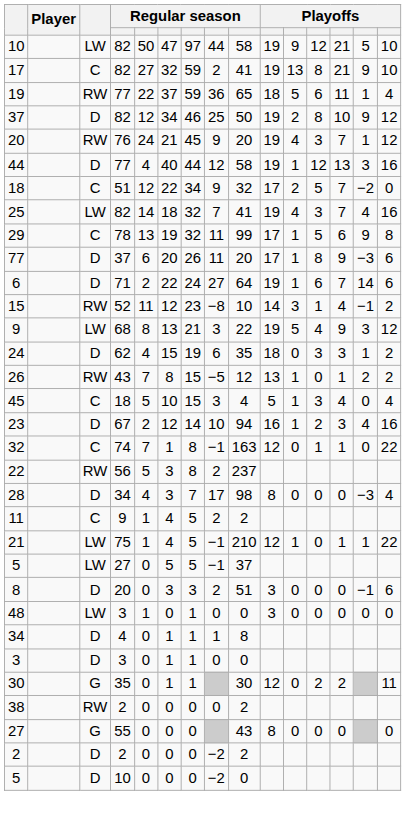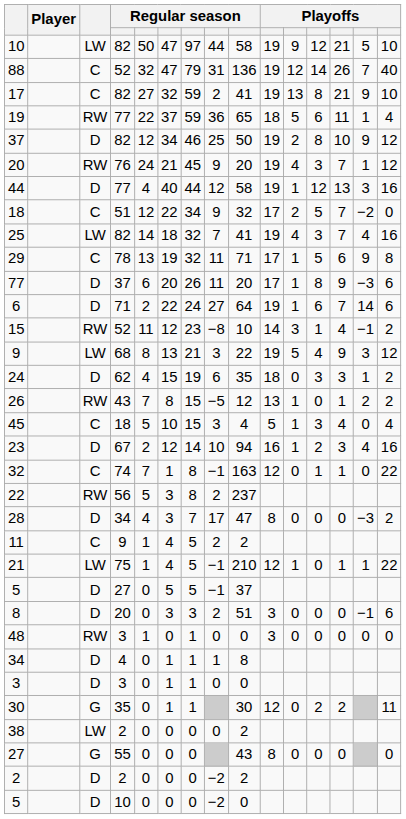 <table class="wikitable sortable plainrowheaders" style="text-align:center;">
 <tr>
 <th scope="col" data-sort-type="number" rowspan="2"></th>
 <th scope="col" rowspan="2">Player</th>
 <th scope="col" rowspan="2"></th>
 <th scope=colgroup colspan=6>Regular season</th>
 <th scope=colgroup colspan=6>Playoffs</th>
 </tr>
 <tr>
 <th scope="col" data-sort-type="number"></th>
 <th scope="col" data-sort-type="number"></th>
 <th scope="col" data-sort-type="number"></th>
 <th scope="col" data-sort-type="number"></th>
 <th scope="col" data-sort-type="number"></th>
 <th scope="col" data-sort-type="number"></th>
 <th scope="col" data-sort-type="number"></th>
 <th scope="col" data-sort-type="number"></th>
 <th scope="col" data-sort-type="number"></th>
 <th scope="col" data-sort-type="number"></th>
 <th scope="col" data-sort-type="number"></th>
 <th scope="col" data-sort-type="number"></th>
 </tr>
 <tr>
 <td scope="row">10</td>
 <td align="left"></td>
 <td>LW</td>
 <td>82</td>
 <td>50</td>
 <td>47</td>
 <td>97</td>
 <td>44</td>
 <td>58</td>
 <td>19</td>
 <td>9</td>
 <td>12</td>
 <td>21</td>
 <td>5</td>
 <td>10</td>
+</tr>
+<tr>
+<td scope="row">88</td>
+<td align="left"></td>
+<td>C</td>
+<td>52</td>
+<td>32</td>
+<td>47</td>
+<td>79</td>
+<td>31</td>
+<td>136</td>
+<td>19</td>
+<td>12</td>
+<td>14</td>
+<td>26</td>
+<td>7</td>
+<td>40</td>
 </tr>
 <tr>
 <td scope="row">17</td>
 <td align="left"></td>
 <td>C</td>
 <td>82</td>
 <td>27</td>
 <td>32</td>
 <td>59</td>
 <td>2</td>
 <td>41</td>
 <td>19</td>
 <td>13</td>
 <td>8</td>
 <td>21</td>
 <td>9</td>
 <td>10</td>
 </tr>
 <tr>
 <td scope="row">19</td>
 <td align="left"></td>
 <td>RW</td>
 <td>77</td>
 <td>22</td>
 <td>37</td>
 <td>59</td>
 <td>36</td>
 <td>65</td>
 <td>18</td>
 <td>5</td>
 <td>6</td>
 <td>11</td>
 <td>1</td>
 <td>4</td>
 </tr>
 <tr>
 <td scope="row">37</td>
 <td align="left"></td>
 <td>D</td>
 <td>82</td>
 <td>12</td>
 <td>34</td>
 <td>46</td>
 <td>25</td>
 <td>50</td>
 <td>19</td>
 <td>2</td>
 <td>8</td>
 <td>10</td>
 <td>9</td>
 <td>12</td>
 </tr>
 <tr>
 <td scope="row">20</td>
 <td align="left"></td>
 <td>RW</td>
 <td>76</td>
 <td>24</td>
 <td>21</td>
 <td>45</td>
 <td>9</td>
 <td>20</td>
 <td>19</td>
 <td>4</td>
 <td>3</td>
 <td>7</td>
 <td>1</td>
 <td>12</td>
 </tr>
 <tr>
 <td scope="row">44</td>
 <td align="left"></td>
 <td>D</td>
 <td>77</td>
 <td>4</td>
 <td>40</td>
 <td>44</td>
 <td>12</td>
 <td>58</td>
 <td>19</td>
 <td>1</td>
 <td>12</td>
 <td>13</td>
 <td>3</td>
 <td>16</td>
 </tr>
 <tr>
 <td scope="row">18</td>
 <td align="left"></td>
 <td>C</td>
 <td>51</td>
 <td>12</td>
 <td>22</td>
 <td>34</td>
 <td>9</td>
 <td>32</td>
 <td>17</td>
 <td>2</td>
 <td>5</td>
 <td>7</td>
 <td>−2</td>
 <td>0</td>
 </tr>
 <tr>
 <td scope="row">25</td>
 <td align="left"></td>
 <td>LW</td>
 <td>82</td>
 <td>14</td>
 <td>18</td>
 <td>32</td>
 <td>7</td>
 <td>41</td>
 <td>19</td>
 <td>4</td>
 <td>3</td>
 <td>7</td>
 <td>4</td>
 <td>16</td>
 </tr>
 <tr>
 <td scope="row">29</td>
 <td align="left"></td>
 <td>C</td>
 <td>78</td>
 <td>13</td>
 <td>19</td>
 <td>32</td>
 <td>11</td>
-<td>99</td>
+<td>71</td>
 <td>17</td>
 <td>1</td>
 <td>5</td>
 <td>6</td>
 <td>9</td>
 <td>8</td>
 </tr>
 <tr>
 <td scope="row">77</td>
 <td align="left"></td>
 <td>D</td>
 <td>37</td>
 <td>6</td>
 <td>20</td>
 <td>26</td>
 <td>11</td>
 <td>20</td>
 <td>17</td>
 <td>1</td>
 <td>8</td>
 <td>9</td>
 <td>−3</td>
 <td>6</td>
 </tr>
 <tr>
 <td scope="row">6</td>
 <td align="left"></td>
 <td>D</td>
 <td>71</td>
 <td>2</td>
 <td>22</td>
 <td>24</td>
 <td>27</td>
 <td>64</td>
 <td>19</td>
 <td>1</td>
 <td>6</td>
 <td>7</td>
 <td>14</td>
 <td>6</td>
 </tr>
 <tr>
 <td scope="row">15</td>
 <td align="left"></td>
 <td>RW</td>
 <td>52</td>
 <td>11</td>
 <td>12</td>
 <td>23</td>
 <td>−8</td>
 <td>10</td>
 <td>14</td>
 <td>3</td>
 <td>1</td>
 <td>4</td>
 <td>−1</td>
 <td>2</td>
 </tr>
 <tr>
 <td scope="row">9</td>
 <td align="left"></td>
 <td>LW</td>
 <td>68</td>
 <td>8</td>
 <td>13</td>
 <td>21</td>
 <td>3</td>
 <td>22</td>
 <td>19</td>
 <td>5</td>
 <td>4</td>
 <td>9</td>
 <td>3</td>
 <td>12</td>
 </tr>
 <tr>
 <td scope="row">24</td>
 <td align="left"></td>
 <td>D</td>
 <td>62</td>
 <td>4</td>
 <td>15</td>
 <td>19</td>
 <td>6</td>
 <td>35</td>
 <td>18</td>
 <td>0</td>
 <td>3</td>
 <td>3</td>
 <td>1</td>
 <td>2</td>
 </tr>
 <tr>
 <td scope="row">26</td>
 <td align="left"></td>
 <td>RW</td>
 <td>43</td>
 <td>7</td>
 <td>8</td>
 <td>15</td>
 <td>−5</td>
 <td>12</td>
 <td>13</td>
 <td>1</td>
 <td>0</td>
 <td>1</td>
 <td>2</td>
 <td>2</td>
 </tr>
 <tr>
 <td scope="row">45</td>
 <td align="left"></td>
 <td>C</td>
 <td>18</td>
 <td>5</td>
 <td>10</td>
 <td>15</td>
 <td>3</td>
 <td>4</td>
 <td>5</td>
 <td>1</td>
 <td>3</td>
 <td>4</td>
 <td>0</td>
 <td>4</td>
 </tr>
 <tr>
 <td scope="row">23</td>
 <td align="left"></td>
 <td>D</td>
 <td>67</td>
 <td>2</td>
 <td>12</td>
 <td>14</td>
 <td>10</td>
 <td>94</td>
 <td>16</td>
 <td>1</td>
 <td>2</td>
 <td>3</td>
 <td>4</td>
 <td>16</td>
 </tr>
 <tr>
 <td scope="row">32</td>
 <td align="left"></td>
 <td>C</td>
 <td>74</td>
 <td>7</td>
 <td>1</td>
 <td>8</td>
 <td>−1</td>
 <td>163</td>
 <td>12</td>
 <td>0</td>
 <td>1</td>
 <td>1</td>
 <td>0</td>
 <td>22</td>
 </tr>
 <tr>
 <td scope="row">22</td>
 <td align="left"></td>
 <td>RW</td>
 <td>56</td>
 <td>5</td>
 <td>3</td>
 <td>8</td>
 <td>2</td>
 <td>237</td>
 <td></td>
 <td></td>
 <td></td>
 <td></td>
 <td></td>
 <td></td>
 </tr>
 <tr>
 <td scope="row">28</td>
 <td align="left"></td>
 <td>D</td>
 <td>34</td>
 <td>4</td>
 <td>3</td>
 <td>7</td>
 <td>17</td>
-<td>98</td>
+<td>47</td>
 <td>8</td>
 <td>0</td>
 <td>0</td>
 <td>0</td>
 <td>−3</td>
-<td>4</td>
+<td>2</td>
 </tr>
 <tr>
 <td scope="row">11</td>
 <td align="left"></td>
 <td>C</td>
 <td>9</td>
 <td>1</td>
 <td>4</td>
 <td>5</td>
 <td>2</td>
 <td>2</td>
 <td></td>
 <td></td>
 <td></td>
 <td></td>
 <td></td>
 <td></td>
 </tr>
 <tr>
 <td scope="row">21</td>
 <td align="left"></td>
 <td>LW</td>
 <td>75</td>
 <td>1</td>
 <td>4</td>
 <td>5</td>
 <td>−1</td>
 <td>210</td>
 <td>12</td>
 <td>1</td>
 <td>0</td>
 <td>1</td>
 <td>1</td>
 <td>22</td>
 </tr>
 <tr>
 <td scope="row">5</td>
 <td align="left"></td>
-<td>LW</td>
+<td>D</td>
 <td>27</td>
 <td>0</td>
 <td>5</td>
 <td>5</td>
 <td>−1</td>
 <td>37</td>
 <td></td>
 <td></td>
 <td></td>
 <td></td>
 <td></td>
 <td></td>
 </tr>
 <tr>
 <td scope="row">8</td>
 <td align="left"></td>
 <td>D</td>
 <td>20</td>
 <td>0</td>
 <td>3</td>
 <td>3</td>
 <td>2</td>
 <td>51</td>
 <td>3</td>
 <td>0</td>
 <td>0</td>
 <td>0</td>
 <td>−1</td>
 <td>6</td>
 </tr>
 <tr>
 <td scope="row">48</td>
 <td align="left"></td>
-<td>LW</td>
+<td>RW</td>
 <td>3</td>
 <td>1</td>
 <td>0</td>
 <td>1</td>
 <td>0</td>
 <td>0</td>
 <td>3</td>
 <td>0</td>
 <td>0</td>
 <td>0</td>
 <td>0</td>
 <td>0</td>
 </tr>
 <tr>
 <td scope="row">34</td>
 <td align="left"></td>
 <td>D</td>
 <td>4</td>
 <td>0</td>
 <td>1</td>
 <td>1</td>
 <td>1</td>
 <td>8</td>
 <td></td>
 <td></td>
 <td></td>
 <td></td>
 <td></td>
 <td></td>
 </tr>
 <tr>
 <td scope="row">3</td>
 <td align="left"></td>
 <td>D</td>
 <td>3</td>
 <td>0</td>
 <td>1</td>
 <td>1</td>
 <td>0</td>
 <td>0</td>
 <td></td>
 <td></td>
 <td></td>
 <td></td>
 <td></td>
 <td></td>
 </tr>
 <tr>
 <td scope="row">30</td>
 <td align="left"></td>
 <td>G</td>
 <td>35</td>
 <td>0</td>
 <td>1</td>
 <td>1</td>
 <td style="background:#ccc"></td>
 <td>30</td>
 <td>12</td>
 <td>0</td>
 <td>2</td>
 <td>2</td>
 <td style="background:#ccc"></td>
 <td>11</td>
 </tr>
 <tr>
 <td scope="row">38</td>
 <td align="left"></td>
-<td>RW</td>
+<td>LW</td>
 <td>2</td>
 <td>0</td>
 <td>0</td>
 <td>0</td>
 <td>0</td>
 <td>2</td>
 <td></td>
 <td></td>
 <td></td>
 <td></td>
 <td></td>
 <td></td>
 </tr>
 <tr>
 <td scope="row">27</td>
 <td align="left"></td>
 <td>G</td>
 <td>55</td>
 <td>0</td>
 <td>0</td>
 <td>0</td>
 <td style="background:#ccc"></td>
 <td>43</td>
 <td>8</td>
 <td>0</td>
 <td>0</td>
 <td>0</td>
 <td style="background:#ccc"></td>
 <td>0</td>
 </tr>
 <tr>
 <td scope="row">2</td>
 <td align="left"></td>
 <td>D</td>
 <td>2</td>
 <td>0</td>
 <td>0</td>
 <td>0</td>
 <td>−2</td>
 <td>2</td>
 <td></td>
 <td></td>
 <td></td>
 <td></td>
 <td></td>
 <td></td>
 </tr>
 <tr>
 <td scope="row">5</td>
 <td align="left"></td>
 <td>D</td>
 <td>10</td>
 <td>0</td>
 <td>0</td>
 <td>0</td>
 <td>−2</td>
 <td>0</td>
 <td></td>
 <td></td>
 <td></td>
 <td></td>
 <td></td>
 <td></td>
 </tr>
 </table>
